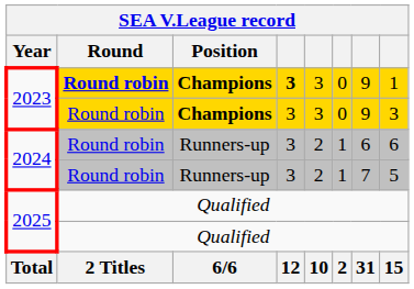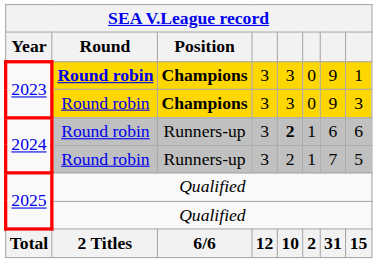 <table class="wikitable" style="text-align: center;">
 <tr>
 <th colspan=9 style=><a href='#'>SEA V.League record</a></th>
 </tr>
 <tr>
 <th>Year</th>
 <th>Round</th>
 <th>Position</th>
 <th></th>
 <th></th>
 <th></th>
 <th></th>
 <th></th>
 </tr>
 <tr>
 <td style="border: 3px solid red" rowspan=2>  <a href='#'>2023</a></td>
 <td bgcolor= gold><strong><a href='#'>Round robin</a></strong></td>
 <td bgcolor= gold><strong>Champions</strong></td>
-<td bgcolor= gold><strong>3</strong></td>
+<td bgcolor= gold>3</td>
 <td bgcolor= gold>3</td>
 <td bgcolor= gold>0</td>
 <td bgcolor= gold>9</td>
 <td bgcolor= gold>1</td>
 </tr>
 <tr>
 <td bgcolor= gold><a href='#'>Round robin</a></td>
 <td bgcolor= gold><strong>Champions</strong></td>
 <td bgcolor= gold>3</td>
 <td bgcolor= gold>3</td>
 <td bgcolor= gold>0</td>
 <td bgcolor= gold>9</td>
 <td bgcolor= gold>3</td>
 </tr>
 <tr>
 <td style="border: 3px solid red" rowspan=2>  <a href='#'>2024</a></td>
 <td bgcolor= silver><a href='#'>Round robin</a></td>
 <td bgcolor= silver>Runners-up</td>
 <td bgcolor= silver>3</td>
-<td bgcolor= silver>2</td>
+<td bgcolor= silver><strong>2</strong></td>
 <td bgcolor= silver>1</td>
 <td bgcolor= silver>6</td>
 <td bgcolor= silver>6</td>
 </tr>
 <tr>
 <td bgcolor= silver><a href='#'>Round robin</a></td>
 <td bgcolor= silver>Runners-up</td>
 <td bgcolor= silver>3</td>
 <td bgcolor= silver>2</td>
 <td bgcolor= silver>1</td>
 <td bgcolor= silver>7</td>
 <td bgcolor= silver>5</td>
 </tr>
 <tr>
 <td style="border: 3px solid red" rowspan=2>  <a href='#'>2025</a></td>
 <td colspan=7><em>Qualified</em></td>
 </tr>
 <tr>
 <td colspan=7><em>Qualified</em></td>
 </tr>
 <tr>
 <th>Total</th>
 <th>2 Titles</th>
 <th>6/6</th>
 <th>12</th>
 <th>10</th>
 <th>2</th>
 <th>31</th>
 <th>15</th>
 </tr>
 </table>
